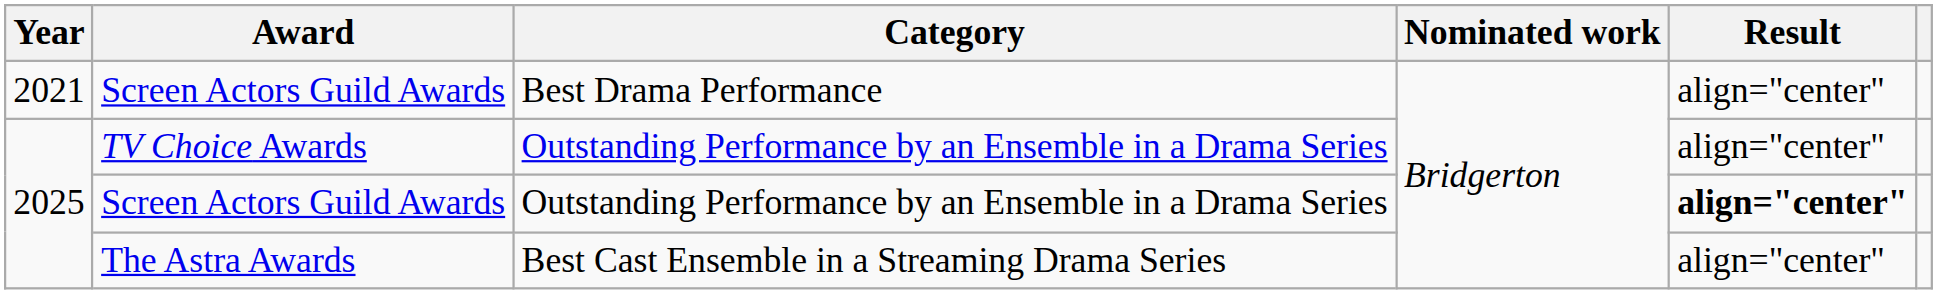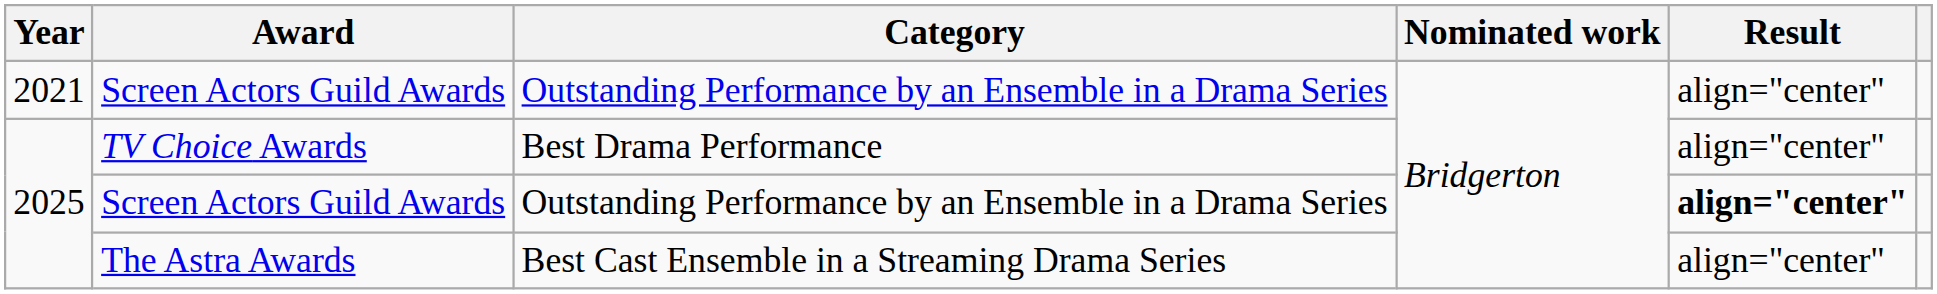 <table class="wikitable plainrowheaders sortable">
 <tr>
 <th>Year</th>
 <th>Award</th>
 <th>Category</th>
 <th>Nominated work</th>
 <th>Result</th>
 <th class="unsortable"></th>
 </tr>
 <tr>
 <td>2021</td>
 <td><a href='#'>Screen Actors Guild Awards</a></td>
-<td>Best Drama Performance</td>
+<td><a href='#'>Outstanding Performance by an Ensemble in a Drama Series</a></td>
 <td rowspan="4"><em>Bridgerton</em></td>
 <td>align="center"</td>
 <td style="text-align:center"></td>
 </tr>
 <tr>
 <td rowspan="3">2025</td>
 <td><a href='#'><em>TV Choice</em> Awards</a></td>
-<td><a href='#'>Outstanding Performance by an Ensemble in a Drama Series</a></td>
+<td>Best Drama Performance</td>
 <td>align="center"</td>
 <td style="text-align:center"></td>
 </tr>
 <tr>
 <td><a href='#'>Screen Actors Guild Awards</a></td>
 <td>Outstanding Performance by an Ensemble in a Drama Series</td>
 <td><strong>align="center"</strong></td>
 <td style="text-align:center"></td>
 </tr>
 <tr>
 <td><a href='#'>The Astra Awards</a></td>
 <td>Best Cast Ensemble in a Streaming Drama Series</td>
 <td>align="center"</td>
 <td style="text-align: center;"></td>
 </tr>
 </table>
